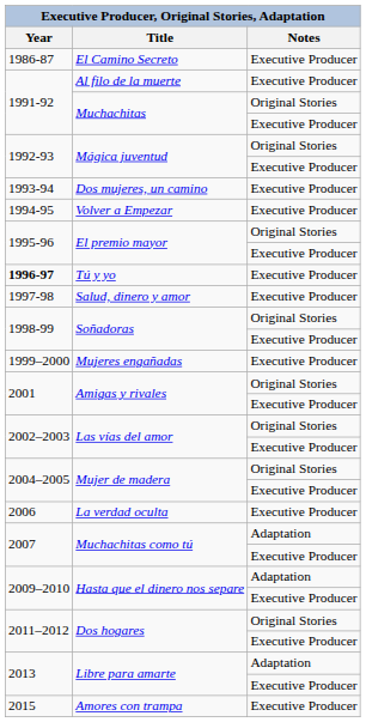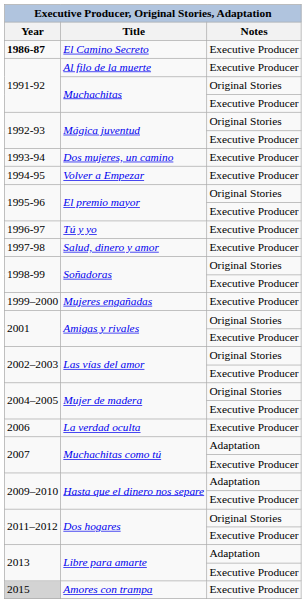 <table class="wikitable">
 <tr>
 <th colspan="5" style="background:LightSteelBlue;">Executive Producer, Original Stories, Adaptation</th>
 </tr>
 <tr>
 <th>Year</th>
 <th>Title</th>
 <th>Notes</th>
 </tr>
 <tr>
-<td>1986-87</td>
+<td><strong>1986-87</strong></td>
 <td><em><a href='#'>El Camino Secreto</a></em></td>
 <td>Executive Producer</td>
 </tr>
 <tr>
 <td rowspan=3>1991-92</td>
 <td><em><a href='#'>Al filo de la muerte</a></em></td>
 <td>Executive Producer</td>
 </tr>
 <tr>
 <td rowspan=2><em><a href='#'>Muchachitas</a></em></td>
 <td>Original Stories</td>
 </tr>
 <tr>
 <td>Executive Producer</td>
 </tr>
 <tr>
 <td rowspan=2>1992-93</td>
 <td rowspan=2><em><a href='#'>Mágica juventud</a></em></td>
 <td>Original Stories</td>
 </tr>
 <tr>
 <td>Executive Producer</td>
 </tr>
 <tr>
 <td>1993-94</td>
 <td><em><a href='#'>Dos mujeres, un camino</a></em></td>
 <td>Executive Producer</td>
 </tr>
 <tr>
 <td>1994-95</td>
 <td><em><a href='#'>Volver a Empezar</a></em></td>
 <td>Executive Producer</td>
 </tr>
 <tr>
 <td rowspan=2>1995-96</td>
 <td rowspan=2><em><a href='#'>El premio mayor</a></em></td>
 <td>Original Stories</td>
 </tr>
 <tr>
 <td>Executive Producer</td>
 </tr>
 <tr>
-<td><strong>1996-97</strong></td>
+<td>1996-97</td>
 <td><em><a href='#'>Tú y yo</a></em></td>
 <td>Executive Producer</td>
 </tr>
 <tr>
 <td>1997-98</td>
 <td><em><a href='#'>Salud, dinero y amor</a></em></td>
 <td>Executive Producer</td>
 </tr>
 <tr>
 <td rowspan=2>1998-99</td>
 <td rowspan=2><em><a href='#'>Soñadoras</a></em></td>
 <td>Original Stories</td>
 </tr>
 <tr>
 <td>Executive Producer</td>
 </tr>
 <tr>
 <td>1999–2000</td>
 <td><em><a href='#'>Mujeres engañadas</a></em></td>
 <td>Executive Producer</td>
 </tr>
 <tr>
 <td rowspan=2>2001</td>
 <td rowspan=2><em><a href='#'>Amigas y rivales</a></em></td>
 <td>Original Stories</td>
 </tr>
 <tr>
 <td>Executive Producer</td>
 </tr>
 <tr>
 <td rowspan=2>2002–2003</td>
 <td rowspan=2><em><a href='#'>Las vías del amor</a></em></td>
 <td>Original Stories</td>
 </tr>
 <tr>
 <td>Executive Producer</td>
 </tr>
 <tr>
 <td rowspan=2>2004–2005</td>
 <td rowspan=2><em><a href='#'>Mujer de madera</a></em></td>
 <td>Original Stories</td>
 </tr>
 <tr>
 <td>Executive Producer</td>
 </tr>
 <tr>
 <td>2006</td>
 <td><em><a href='#'>La verdad oculta</a></em></td>
 <td>Executive Producer</td>
 </tr>
 <tr>
 <td rowspan=2>2007</td>
 <td rowspan=2><em><a href='#'>Muchachitas como tú</a></em></td>
 <td>Adaptation</td>
 </tr>
 <tr>
 <td>Executive Producer</td>
 </tr>
 <tr>
 <td rowspan=2>2009–2010</td>
 <td rowspan=2><em><a href='#'>Hasta que el dinero nos separe</a></em></td>
 <td>Adaptation</td>
 </tr>
 <tr>
 <td>Executive Producer</td>
 </tr>
 <tr>
 <td rowspan=2>2011–2012</td>
 <td rowspan=2><em><a href='#'>Dos hogares</a></em></td>
 <td>Original Stories</td>
 </tr>
 <tr>
 <td>Executive Producer</td>
 </tr>
 <tr>
 <td rowspan=2>2013</td>
 <td rowspan=2><em><a href='#'>Libre para amarte</a></em></td>
 <td>Adaptation</td>
 </tr>
 <tr>
 <td>Executive Producer</td>
 </tr>
 <tr>
-<td>2015</td>
+<td style="background: lightgrey;">2015</td>
 <td><em><a href='#'>Amores con trampa</a></em></td>
 <td>Executive Producer</td>
 </tr>
 </table>
